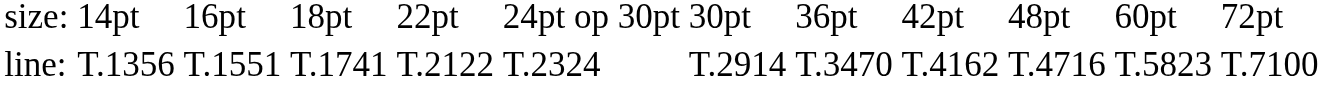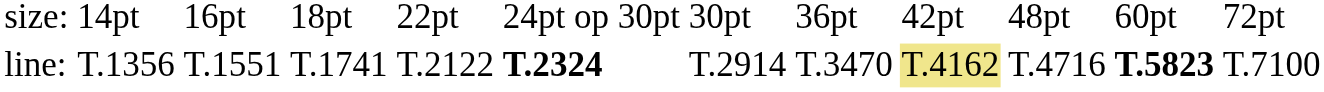 <table style="margin-left:40px;">
 <tr>
 <td>size:</td>
 <td>14pt</td>
 <td>16pt</td>
 <td>18pt</td>
 <td>22pt</td>
 <td>24pt op 30pt</td>
 <td>30pt</td>
 <td>36pt</td>
 <td>42pt</td>
 <td>48pt</td>
 <td>60pt</td>
 <td>72pt</td>
 </tr>
 <tr>
 <td>line:</td>
 <td>T.1356</td>
 <td>T.1551</td>
 <td>T.1741</td>
 <td>T.2122</td>
-<td>T.2324</td>
+<td><strong>T.2324</strong></td>
 <td>T.2914</td>
 <td>T.3470</td>
-<td>T.4162</td>
+<td style="background: khaki;">T.4162</td>
 <td>T.4716</td>
-<td>T.5823</td>
+<td><strong>T.5823</strong></td>
 <td>T.7100</td>
 </tr>
 </table>
